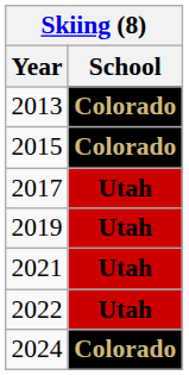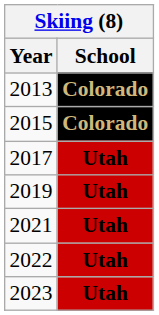 <table class="wikitable">
 <tr>
 <th colspan=2><a href='#'>Skiing</a> (8)</th>
 </tr>
 <tr>
 <th>Year</th>
 <th>School</th>
 </tr>
 <tr>
 <td>2013</td>
 <th style="background:#000000; color:#CFB87C;">Colorado</th>
 </tr>
 <tr>
 <td>2015</td>
 <th style="background:#000000; color:#CFB87C;">Colorado</th>
 </tr>
 <tr>
 <td>2017</td>
 <th style="background:#CC0000; color:#000000;">Utah</th>
 </tr>
 <tr>
 <td>2019</td>
 <th style="background:#CC0000; color:#000000;">Utah</th>
 </tr>
 <tr>
 <td>2021</td>
 <th style="background:#CC0000; color:#000000;">Utah</th>
 </tr>
 <tr>
 <td>2022</td>
 <th style="background:#CC0000; color:#000000;">Utah</th>
 </tr>
 <tr>
-<td>2024</td>
-<th style="background:#000000; color:#CFB87C;">Colorado</th>
+<td>2023</td>
+<th style="background:#CC0000; color:#000000;">Utah</th>
 </tr>
 </table>
